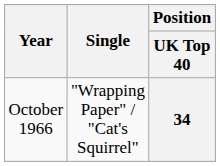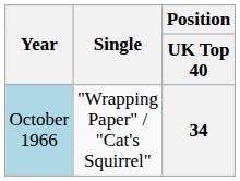 <table class="wikitable"  style="text-align:center; width:30%;">
 <tr>
 <th rowspan=2>Year</th>
 <th rowspan=2>Single</th>
 <th colspan=2>Position</th>
 </tr>
 <tr>
 <th>UK Top 40</th>
 </tr>
 <tr>
-<td>October<br>1966</td>
+<td style="background: lightblue;">October<br>1966</td>
 <td>"Wrapping Paper" /<br>"Cat's Squirrel"</td>
 <th>34</th>
 </tr>
 </table>
